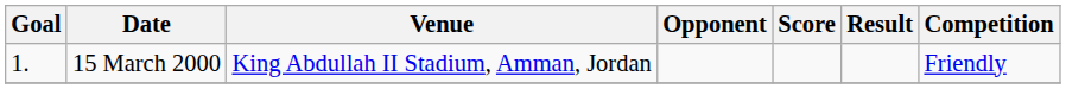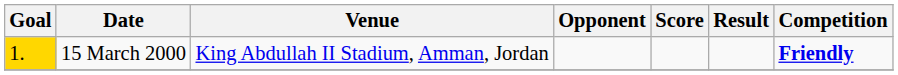 <table class="wikitable">
 <tr>
 <th>Goal</th>
 <th>Date</th>
 <th>Venue</th>
 <th>Opponent</th>
 <th>Score</th>
 <th>Result</th>
 <th>Competition</th>
 </tr>
 <tr>
-<td>1.</td>
+<td style="background: gold;">1.</td>
 <td>15 March 2000</td>
 <td><a href='#'>King Abdullah II Stadium</a>, <a href='#'>Amman</a>, Jordan</td>
 <td></td>
 <td></td>
 <td></td>
-<td><a href='#'>Friendly</a></td>
+<td><strong><a href='#'>Friendly</a></strong></td>
 </tr>
 <tr>
 </tr>
 </table>
